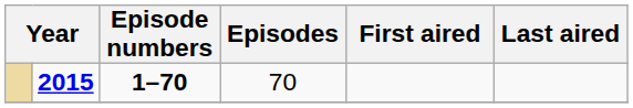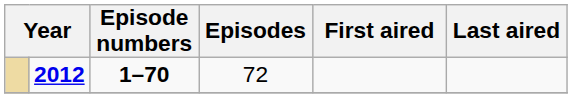 <table class="wikitable" style="text-align:center">
 <tr>
 <th style="padding:0 9px;" colspan="2">Year</th>
 <th style="padding:0 4px;">Episode<br>numbers</th>
 <th style="padding:0 4px;">Episodes</th>
 <th style="padding:0 8px;">First aired</th>
 <th style="padding:0 4px;">Last aired</th>
 </tr>
 <tr>
 <td style="background:#eedba3;padding:0 8px;  "></td>
-<td><strong><a href='#'>2015</a></strong></td>
+<td><strong><a href='#'>2012</a></strong></td>
 <td><strong>1–70</strong></td>
-<td>70</td>
+<td>72</td>
 <td></td>
 <td></td>
 </tr>
 <tr>
 </tr>
 </table>
